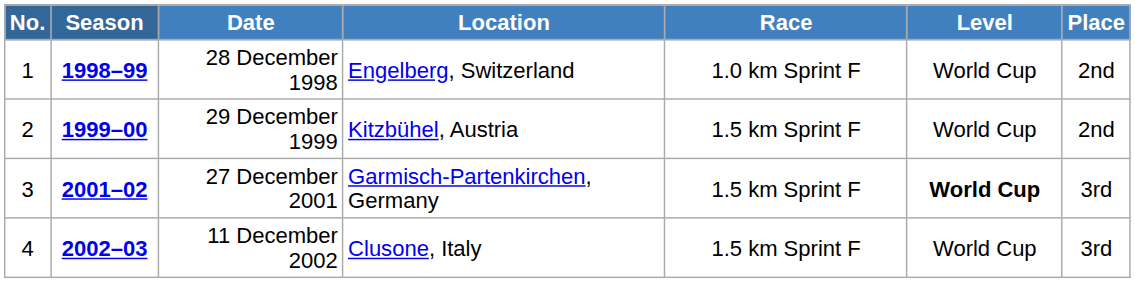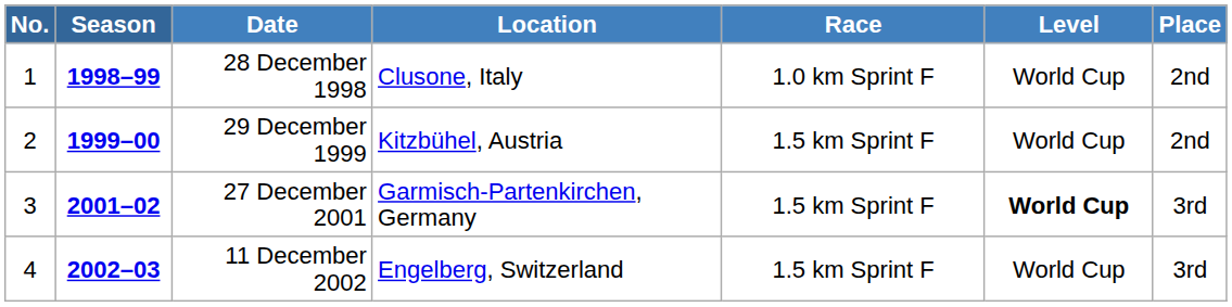 <table class="wikitable sortable" style="font-size:95%; text-align:center; border:grey solid 1px; border-collapse:collapse; background:#ffffff;">
 <tr style="background:#efefef;">
 <th style="background-color:#369; color:white;">No.</th>
 <th style="background-color:#369; color:white;">Season</th>
 <th style="background-color:#4180be; color:white; width:120px;">Date</th>
 <th style="background-color:#4180be; color:white; width:215px;">Location</th>
 <th style="background-color:#4180be; color:white; width:160px;">Race</th>
 <th style="background-color:#4180be; color:white; width:100px;">Level</th>
 <th style="background-color:#4180be; color:white;">Place</th>
 </tr>
 <tr>
 <td align=center>1</td>
 <td rowspan=1 align=center><strong> <a href='#'>1998–99</a> </strong></td>
 <td align=right>28 December 1998</td>
-<td align=left> <a href='#'>Engelberg</a>, Switzerland</td>
+<td align=left> <a href='#'>Clusone</a>, Italy</td>
 <td>1.0 km Sprint F</td>
 <td>World Cup</td>
 <td>2nd</td>
 </tr>
 <tr>
 <td align=center>2</td>
 <td rowspan=1 align=center><strong> <a href='#'>1999–00</a> </strong></td>
 <td align=right>29 December 1999</td>
 <td align=left> <a href='#'>Kitzbühel</a>, Austria</td>
 <td>1.5 km Sprint F</td>
 <td>World Cup</td>
 <td>2nd</td>
 </tr>
 <tr>
 <td align=center>3</td>
 <td rowspan=1 align=center><strong> <a href='#'>2001–02</a> </strong></td>
 <td align=right>27 December 2001</td>
 <td align=left> <a href='#'>Garmisch-Partenkirchen</a>, Germany</td>
 <td>1.5 km Sprint F</td>
 <td><strong>World Cup</strong></td>
 <td>3rd</td>
 </tr>
 <tr>
 <td align=center>4</td>
 <td rowspan=1 align=center><strong> <a href='#'>2002–03</a> </strong></td>
 <td align=right>11 December 2002</td>
-<td align=left> <a href='#'>Clusone</a>, Italy</td>
+<td align=left> <a href='#'>Engelberg</a>, Switzerland</td>
 <td>1.5 km Sprint F</td>
 <td>World Cup</td>
 <td>3rd</td>
 </tr>
 </table>
